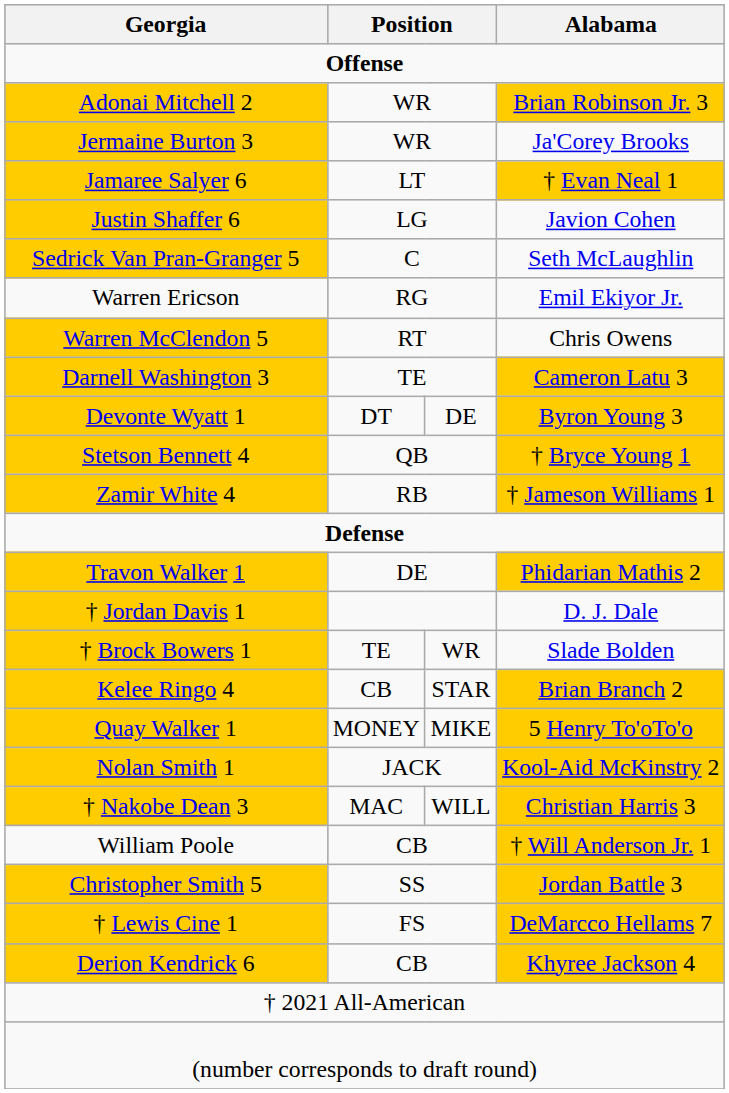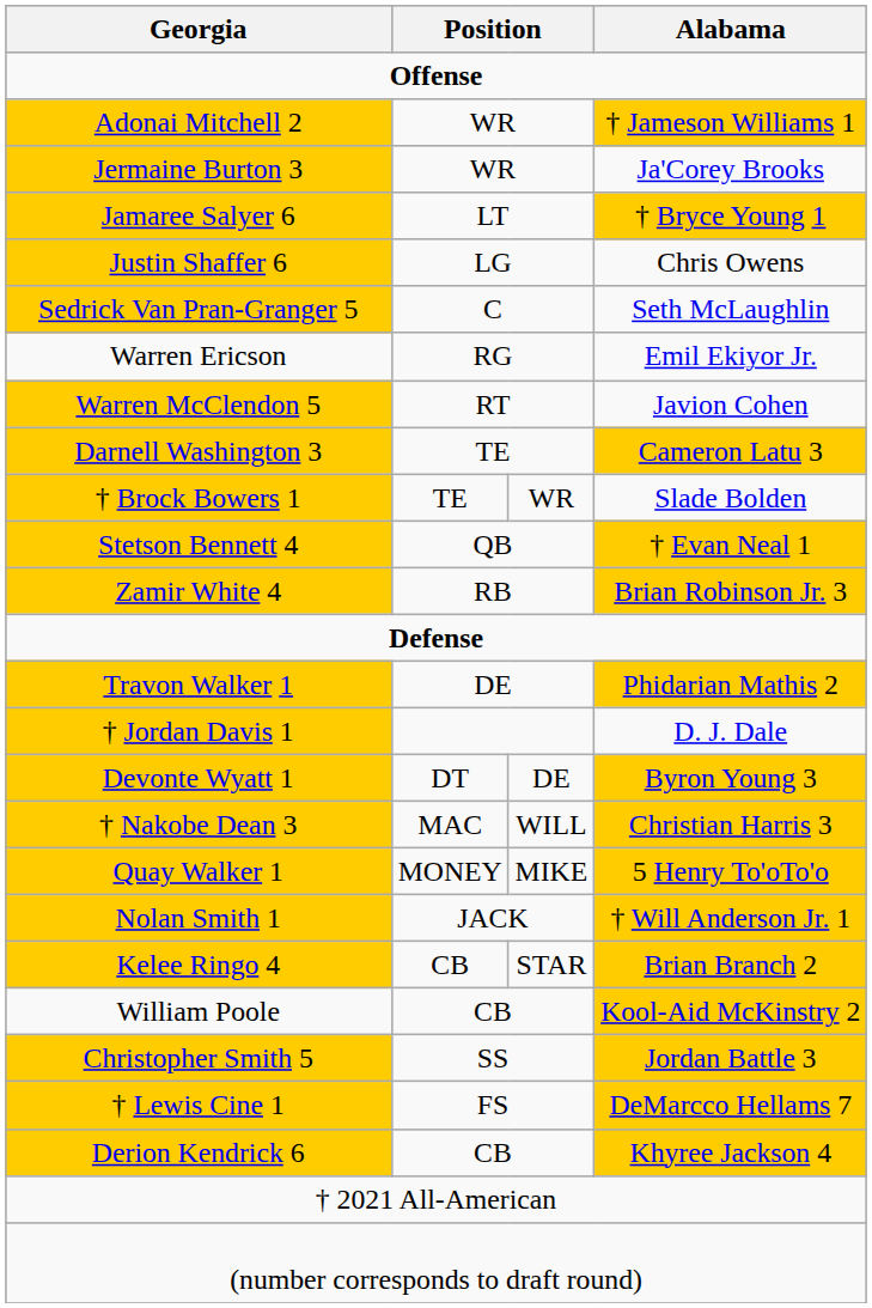 <table class="wikitable" style="margin:1em auto; text-align:center; font-size: 95%;">
 <tr>
 <th style="width:200px;">Georgia</th>
 <th colspan=2>Position</th>
 <th>Alabama</th>
 </tr>
 <tr>
 <td colspan="4"><strong>Offense</strong></td>
 </tr>
 <tr>
 <td bgcolor="#FFCC00"><a href='#'>Adonai Mitchell</a> 2</td>
 <td colspan=2>WR</td>
-<td bgcolor="#FFCC00"><a href='#'>Brian Robinson Jr.</a> 3</td>
+<td bgcolor="#FFCC00">† <a href='#'>Jameson Williams</a> 1</td>
 </tr>
 <tr>
 <td bgcolor="#FFCC00"><a href='#'>Jermaine Burton</a> 3</td>
 <td colspan=2>WR</td>
 <td><a href='#'>Ja'Corey Brooks</a></td>
 </tr>
 <tr>
 <td bgcolor="#FFCC00"><a href='#'>Jamaree Salyer</a> 6</td>
 <td colspan=2>LT</td>
-<td bgcolor="#FFCC00">† <a href='#'>Evan Neal</a> 1</td>
+<td bgcolor="#FFCC00">† <a href='#'>Bryce Young</a> <a href='#'>1</a></td>
 </tr>
 <tr>
 <td bgcolor="#FFCC00"><a href='#'>Justin Shaffer</a> 6</td>
 <td colspan=2>LG</td>
-<td><a href='#'>Javion Cohen</a></td>
+<td>Chris Owens</td>
 </tr>
 <tr>
 <td bgcolor="#FFCC00"><a href='#'>Sedrick Van Pran-Granger</a> 5</td>
 <td colspan=2>C</td>
 <td><a href='#'>Seth McLaughlin</a></td>
 </tr>
 <tr>
 <td>Warren Ericson</td>
 <td colspan=2>RG</td>
 <td><a href='#'>Emil Ekiyor Jr.</a></td>
 </tr>
 <tr>
 <td bgcolor="#FFCC00"><a href='#'>Warren McClendon</a> 5</td>
 <td colspan=2>RT</td>
-<td>Chris Owens</td>
+<td><a href='#'>Javion Cohen</a></td>
 </tr>
 <tr>
 <td bgcolor="#FFCC00"><a href='#'>Darnell Washington</a> 3</td>
 <td colspan=2>TE</td>
 <td bgcolor="#FFCC00"><a href='#'>Cameron Latu</a> 3</td>
 </tr>
 <tr>
-<td bgcolor="#FFCC00"><a href='#'>Devonte Wyatt</a> 1</td>
-<td>DT</td>
-<td>DE</td>
-<td bgcolor="#FFCC00"><a href='#'>Byron Young</a> 3</td>
+<td bgcolor="#FFCC00">† <a href='#'>Brock Bowers</a> 1</td>
+<td>TE</td>
+<td>WR</td>
+<td><a href='#'>Slade Bolden</a></td>
 </tr>
 <tr>
 <td bgcolor="#FFCC00"><a href='#'>Stetson Bennett</a> 4</td>
 <td colspan=2>QB</td>
-<td bgcolor="#FFCC00">† <a href='#'>Bryce Young</a> <a href='#'>1</a></td>
+<td bgcolor="#FFCC00">† <a href='#'>Evan Neal</a> 1</td>
 </tr>
 <tr>
 <td bgcolor="#FFCC00"><a href='#'>Zamir White</a> 4</td>
 <td colspan=2>RB</td>
-<td bgcolor="#FFCC00">† <a href='#'>Jameson Williams</a> 1</td>
+<td bgcolor="#FFCC00"><a href='#'>Brian Robinson Jr.</a> 3</td>
 </tr>
 <tr>
 <td colspan="4"><strong>Defense</strong></td>
 </tr>
 <tr>
 <td bgcolor="#FFCC00"><a href='#'>Travon Walker</a> <a href='#'>1</a></td>
 <td colspan=2>DE</td>
 <td bgcolor="#FFCC00"><a href='#'>Phidarian Mathis</a> 2</td>
 </tr>
 <tr>
 <td bgcolor="#FFCC00">† <a href='#'>Jordan Davis</a> 1</td>
 <td colspan=2></td>
 <td><a href='#'>D. J. Dale</a></td>
 </tr>
 <tr>
-<td bgcolor="#FFCC00">† <a href='#'>Brock Bowers</a> 1</td>
-<td>TE</td>
-<td>WR</td>
-<td><a href='#'>Slade Bolden</a></td>
+<td bgcolor="#FFCC00"><a href='#'>Devonte Wyatt</a> 1</td>
+<td>DT</td>
+<td>DE</td>
+<td bgcolor="#FFCC00"><a href='#'>Byron Young</a> 3</td>
 </tr>
 <tr>
-<td bgcolor="#FFCC00"><a href='#'>Kelee Ringo</a> 4</td>
-<td>CB</td>
-<td>STAR</td>
-<td bgcolor="#FFCC00"><a href='#'>Brian Branch</a> 2</td>
+<td bgcolor="#FFCC00">† <a href='#'>Nakobe Dean</a> 3</td>
+<td>MAC</td>
+<td>WILL</td>
+<td bgcolor="#FFCC00"><a href='#'>Christian Harris</a> 3</td>
 </tr>
 <tr>
 <td bgcolor="#FFCC00"><a href='#'>Quay Walker</a> 1</td>
 <td>MONEY</td>
 <td>MIKE</td>
 <td bgcolor="#FFCC00">5 <a href='#'>Henry To'oTo'o</a></td>
 </tr>
 <tr>
 <td bgcolor="#FFCC00"><a href='#'>Nolan Smith</a> 1</td>
 <td colspan=2>JACK</td>
-<td bgcolor="#FFCC00"><a href='#'>Kool-Aid McKinstry</a> 2</td>
+<td bgcolor="#FFCC00">† <a href='#'>Will Anderson Jr.</a> 1</td>
 </tr>
 <tr>
-<td bgcolor="#FFCC00">† <a href='#'>Nakobe Dean</a> 3</td>
-<td>MAC</td>
-<td>WILL</td>
-<td bgcolor="#FFCC00"><a href='#'>Christian Harris</a> 3</td>
+<td bgcolor="#FFCC00"><a href='#'>Kelee Ringo</a> 4</td>
+<td>CB</td>
+<td>STAR</td>
+<td bgcolor="#FFCC00"><a href='#'>Brian Branch</a> 2</td>
 </tr>
 <tr>
 <td>William Poole</td>
 <td colspan=2>CB</td>
-<td bgcolor="#FFCC00">† <a href='#'>Will Anderson Jr.</a> 1</td>
+<td bgcolor="#FFCC00"><a href='#'>Kool-Aid McKinstry</a> 2</td>
 </tr>
 <tr>
 <td bgcolor="#FFCC00"><a href='#'>Christopher Smith</a> 5</td>
 <td colspan="2">SS</td>
 <td bgcolor="#FFCC00"><a href='#'>Jordan Battle</a> 3</td>
 </tr>
 <tr>
 <td bgcolor="#FFCC00">† <a href='#'>Lewis Cine</a> 1</td>
 <td colspan=2>FS</td>
 <td bgcolor="#FFCC00"><a href='#'>DeMarcco Hellams</a> 7</td>
 </tr>
 <tr>
 <td bgcolor="#FFCC00"><a href='#'>Derion Kendrick</a> 6</td>
 <td colspan=2>CB</td>
 <td bgcolor="#FFCC00"><a href='#'>Khyree Jackson</a> 4</td>
 </tr>
 <tr>
 <td colspan="4">† 2021 All-American</td>
 </tr>
 <tr>
 <td colspan=4 align=center><br>(number corresponds to draft round)</td>
 </tr>
 </table>
